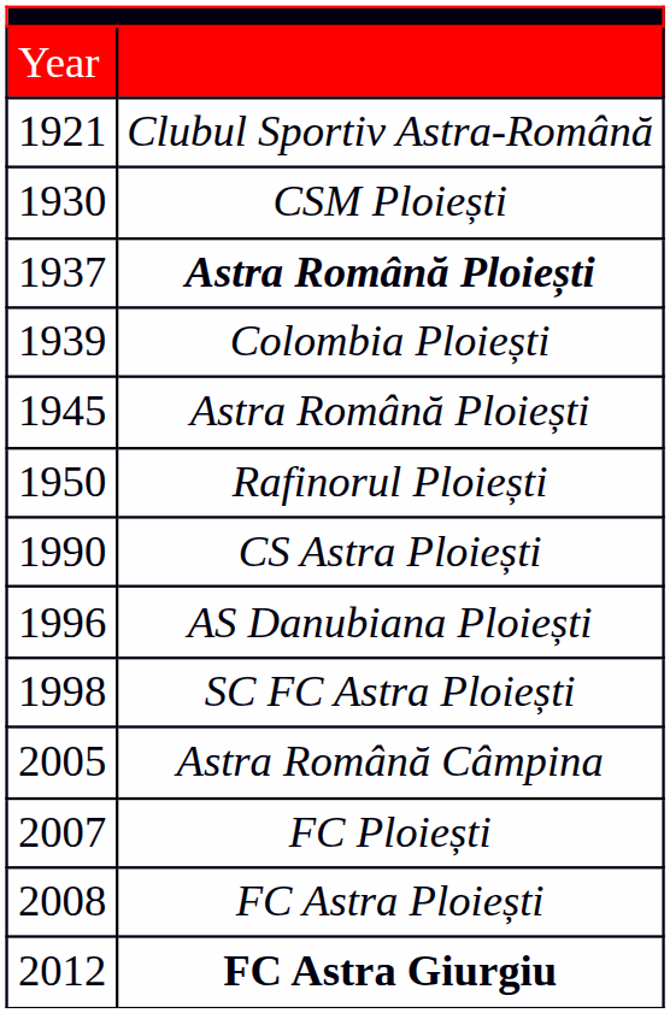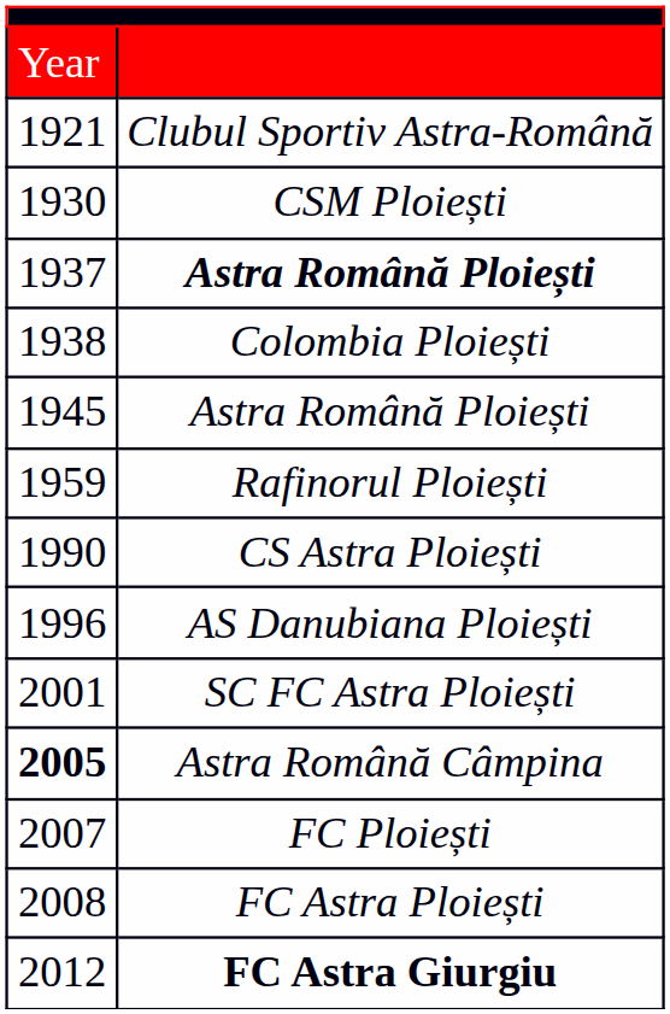 <table class="wikitable" style="text-align: left" align="right">
 <tr>
 <td colspan="2" style="background:#000010;color:#fefefe;border:1px solid #fe0000"></td>
 </tr>
 <tr>
 <td style="background:#fe0000;color:#fefefe;border:1px solid #000010">Year</td>
 <td style="background:#fe0000;color:#fefefe;border:1px solid #000010"></td>
 </tr>
 <tr>
 <td style="background:#fefefe;color:#000010;border:1px solid #000010">1921</td>
 <td align=center style="background:#fefefe;color:#000010;border:1px solid #000010"><em>Clubul Sportiv Astra-Română</em></td>
 </tr>
 <tr>
 <td style="background:#fefefe;color:#000010;border:1px solid #000010">1930</td>
 <td align=center style="background:#fefefe;color:#000010;border:1px solid #000010"><em>CSM Ploiești</em></td>
 </tr>
 <tr>
 <td style="background:#fefefe;color:#000010;border:1px solid #000010">1937</td>
 <td align=center style="background:#fefefe;color:#000010;border:1px solid #000010"><strong><em>Astra Română Ploiești</em></strong></td>
 </tr>
 <tr>
-<td style="background:#fefefe;color:#000010;border:1px solid #000010">1939</td>
+<td style="background:#fefefe;color:#000010;border:1px solid #000010">1938</td>
 <td align=center style="background:#fefefe;color:#000010;border:1px solid #000010"><em>Colombia Ploiești</em></td>
 </tr>
 <tr>
 <td style="background:#fefefe;color:#000010;border:1px solid #000010">1945</td>
 <td align=center style="background:#fefefe;color:#000010;border:1px solid #000010"><em>Astra Română Ploiești</em></td>
 </tr>
 <tr>
-<td style="background:#fefefe;color:#000010;border:1px solid #000010">1950</td>
+<td style="background:#fefefe;color:#000010;border:1px solid #000010">1959</td>
 <td align=center style="background:#fefefe;color:#000010;border:1px solid #000010"><em>Rafinorul Ploiești</em></td>
 </tr>
 <tr>
 <td style="background:#fefefe;color:#000010;border:1px solid #000010">1990</td>
 <td align=center style="background:#fefefe;color:#000010;border:1px solid #000010"><em>CS Astra Ploiești</em></td>
 </tr>
 <tr>
 <td style="background:#fefefe;color:#000010;border:1px solid #000010">1996</td>
 <td align=center style="background:#fefefe;color:#000010;border:1px solid #000010"><em>AS Danubiana Ploiești</em></td>
 </tr>
 <tr>
-<td style="background:#fefefe;color:#000010;border:1px solid #000010">1998</td>
+<td style="background:#fefefe;color:#000010;border:1px solid #000010">2001</td>
 <td align=center style="background:#fefefe;color:#000010;border:1px solid #000010"><em>SC FC Astra Ploiești</em></td>
 </tr>
 <tr>
-<td style="background:#fefefe;color:#000010;border:1px solid #000010">2005</td>
+<td style="background:#fefefe;color:#000010;border:1px solid #000010"><strong>2005</strong></td>
 <td align=center style="background:#fefefe;color:#000010;border:1px solid #000010"><em>Astra Română Câmpina</em></td>
 </tr>
 <tr>
 <td style="background:#fefefe;color:#000010;border:1px solid #000010">2007</td>
 <td align=center style="background:#fefefe;color:#000010;border:1px solid #000010"><em>FC Ploiești</em></td>
 </tr>
 <tr>
 <td style="background:#fefefe;color:#000010;border:1px solid #000010">2008</td>
 <td align=center style="background:#fefefe;color:#000010;border:1px solid #000010"><em>FC Astra Ploiești</em></td>
 </tr>
 <tr>
 <td style="background:#fefefe;color:#000010;border:1px solid #000010">2012</td>
 <td align=center style="background:#fefefe;color:#000010;border:1px solid #000010"><strong>FC Astra Giurgiu</strong></td>
 </tr>
 </table>
